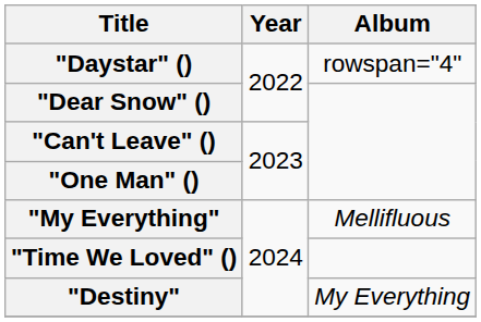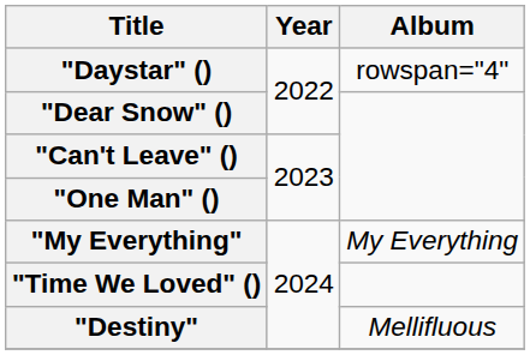 <table class="wikitable plainrowheaders" style="text-align:center;">
 <tr>
 <th scope="col">Title</th>
 <th scope="col">Year</th>
 <th scope="col">Album</th>
 </tr>
 <tr>
 <th scope="row">"Daystar" ()</th>
 <td rowspan="2">2022</td>
 <td>rowspan="4" </td>
 </tr>
 <tr>
 <th scope="row">"Dear Snow" ()</th>
 </tr>
 <tr>
 <th scope="row">"Can't Leave" ()</th>
 <td rowspan="2">2023</td>
 </tr>
 <tr>
 <th scope="row">"One Man" ()</th>
 </tr>
 <tr>
 <th scope="row">"My Everything"</th>
 <td rowspan="3">2024</td>
-<td><em>Mellifluous</em></td>
+<td><em>My Everything</em></td>
 </tr>
 <tr>
 <th scope="row">"Time We Loved" ()</th>
 <td></td>
 </tr>
 <tr>
 <th scope="row">"Destiny"</th>
-<td><em>My Everything</em></td>
+<td><em>Mellifluous</em></td>
 </tr>
 <tr>
 </tr>
 </table>
